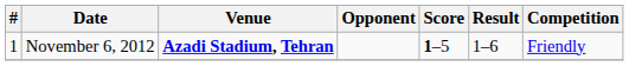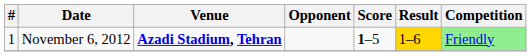 <table class="wikitable">
 <tr>
 <th>#</th>
 <th>Date</th>
 <th>Venue</th>
 <th>Opponent</th>
 <th>Score</th>
 <th>Result</th>
 <th>Competition</th>
 </tr>
 <tr>
 <td>1</td>
 <td>November 6, 2012</td>
 <td><strong><a href='#'>Azadi Stadium</a>, <a href='#'>Tehran</a></strong></td>
 <td></td>
 <td><strong>1</strong>–5</td>
-<td>1–6</td>
-<td><a href='#'>Friendly</a></td>
+<td style="background: gold;">1–6</td>
+<td style="background: lightgreen;"><a href='#'>Friendly</a></td>
 </tr>
 <tr>
 </tr>
 </table>
